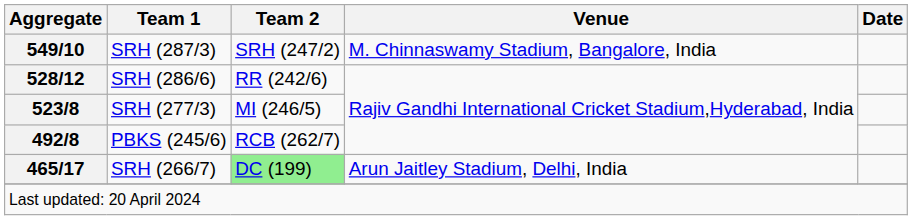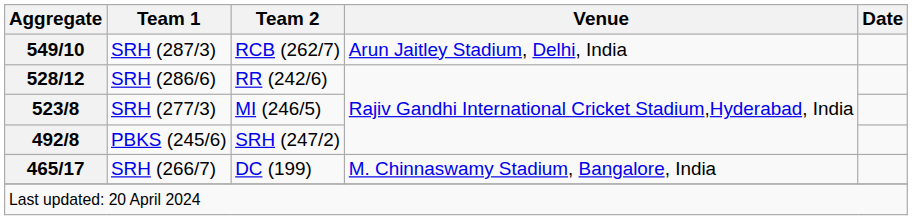 <table class="wikitable">
 <tr>
 <th style="text-align:center;"><strong>Aggregate</strong></th>
 <th style="text-align:center;"><strong>Team 1</strong></th>
 <th style="text-align:center;"><strong>Team 2</strong></th>
 <th style="text-align:center;"><strong>Venue</strong></th>
 <th style="text-align:center;"><strong>Date</strong></th>
 </tr>
 <tr>
 <th>549/10</th>
 <td><a href='#'>SRH</a> (287/3)</td>
-<td><a href='#'>SRH</a> (247/2)</td>
-<td><a href='#'>M. Chinnaswamy Stadium</a>, <a href='#'>Bangalore</a>, India</td>
+<td><a href='#'>RCB</a> (262/7)</td>
+<td><a href='#'>Arun Jaitley Stadium</a>, <a href='#'>Delhi</a>, India</td>
 <td></td>
 </tr>
 <tr>
 <th>528/12</th>
 <td><a href='#'>SRH</a> (286/6)</td>
 <td><a href='#'>RR</a> (242/6)</td>
 <td rowspan=3><a href='#'>Rajiv Gandhi International Cricket Stadium</a>,<a href='#'>Hyderabad</a>, India</td>
 <td></td>
 </tr>
 <tr>
 <th>523/8</th>
 <td><a href='#'>SRH</a> (277/3)</td>
 <td><a href='#'>MI</a> (246/5)</td>
 <td></td>
 </tr>
 <tr>
 <th>492/8</th>
 <td><a href='#'>PBKS</a> (245/6)</td>
-<td><a href='#'>RCB</a> (262/7)</td>
+<td><a href='#'>SRH</a> (247/2)</td>
 <td></td>
 </tr>
 <tr>
 <th>465/17</th>
 <td><a href='#'>SRH</a> (266/7)</td>
-<td style="background: lightgreen;"><a href='#'>DC</a> (199)</td>
-<td><a href='#'>Arun Jaitley Stadium</a>, <a href='#'>Delhi</a>, India</td>
+<td><a href='#'>DC</a> (199)</td>
+<td><a href='#'>M. Chinnaswamy Stadium</a>, <a href='#'>Bangalore</a>, India</td>
 <td></td>
 </tr>
 <tr>
 </tr>
 <tr class=sortbottom>
 <td colspan="5"><small>Last updated: 20 April 2024</small></td>
 </tr>
 </table>
